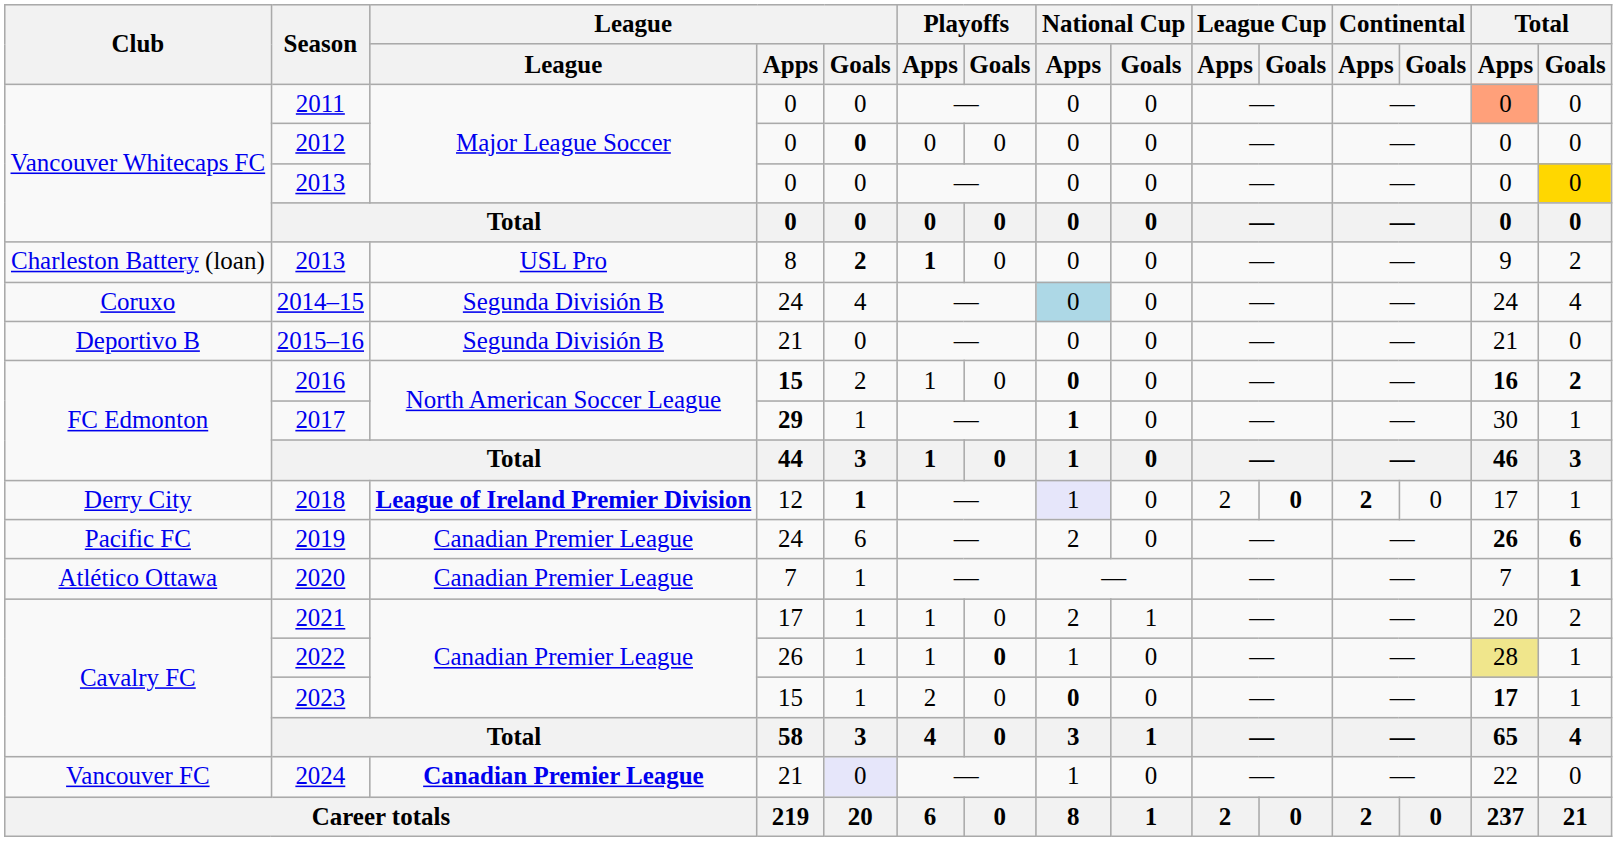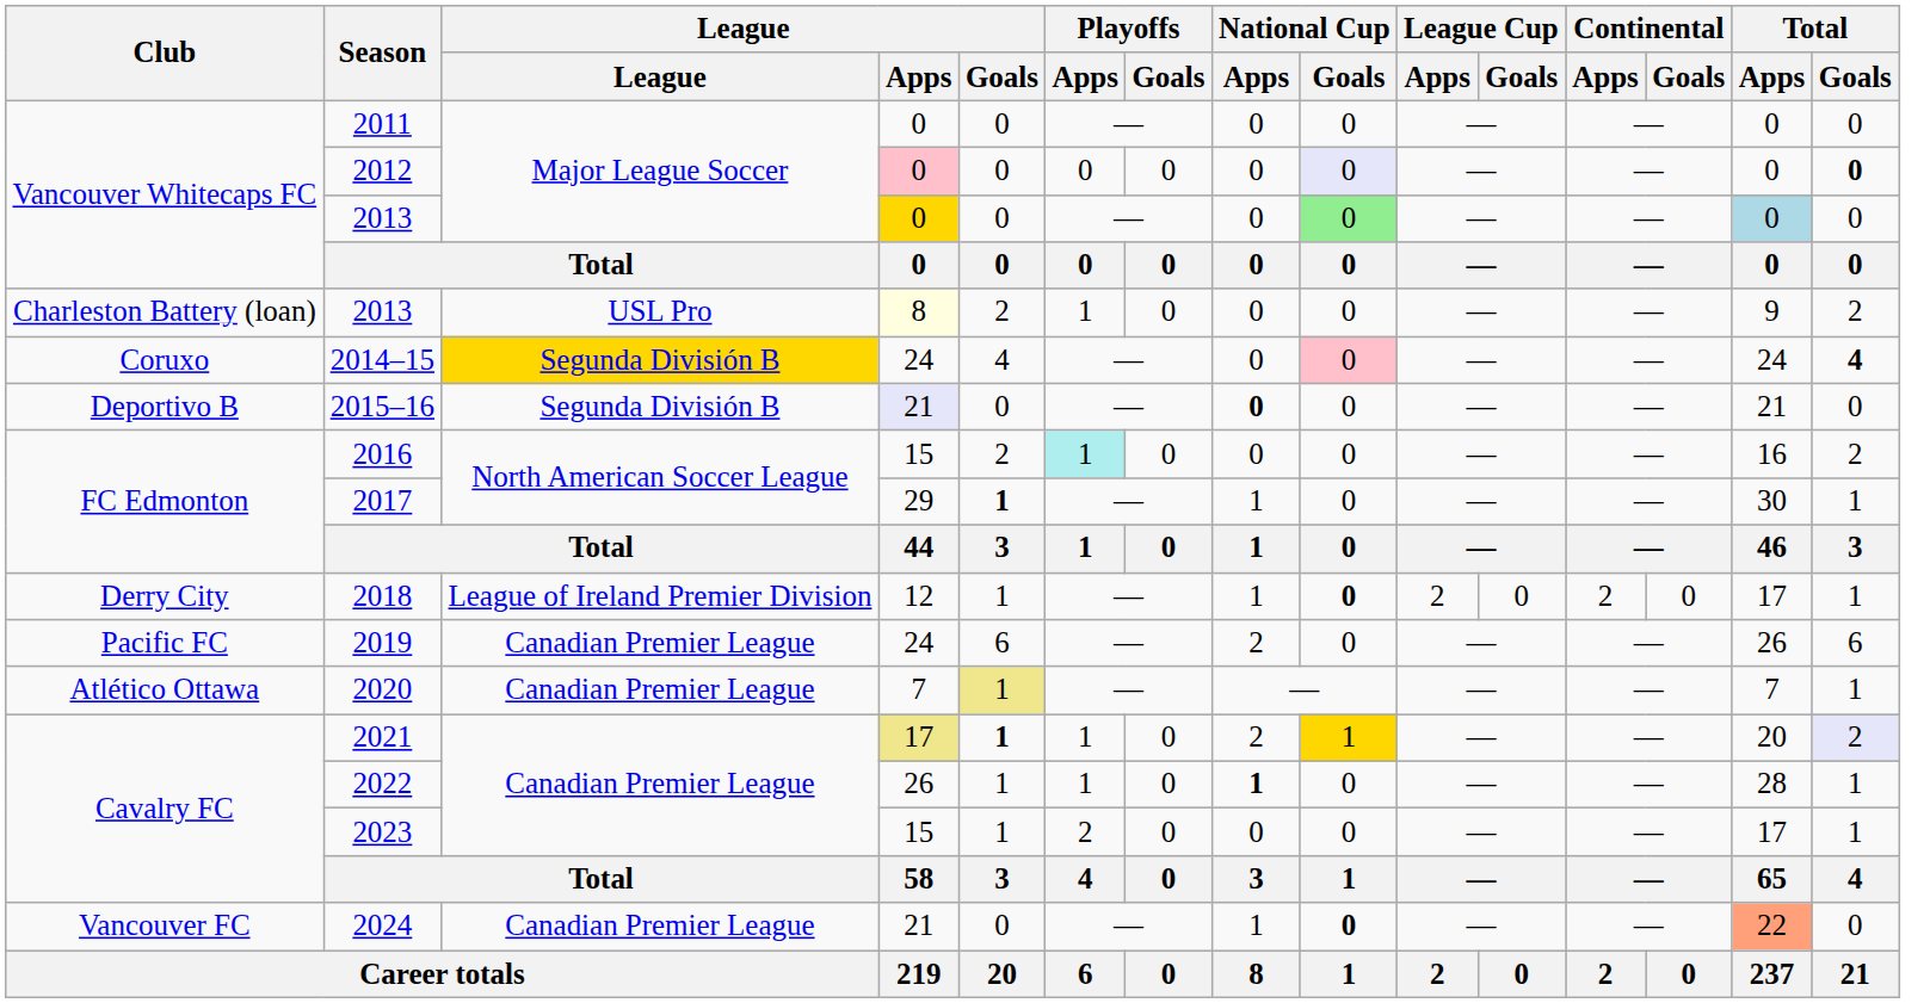 <table class="wikitable" Style="text-align: center">
 <tr>
 <th rowspan="2">Club</th>
 <th rowspan="2">Season</th>
 <th colspan="3">League</th>
 <th colspan="2">Playoffs</th>
 <th colspan="2">National Cup</th>
 <th colspan="2">League Cup</th>
 <th colspan="2">Continental</th>
 <th colspan="2">Total</th>
 </tr>
 <tr>
 <th>League</th>
 <th>Apps</th>
 <th>Goals</th>
 <th>Apps</th>
 <th>Goals</th>
 <th>Apps</th>
 <th>Goals</th>
 <th>Apps</th>
 <th>Goals</th>
 <th>Apps</th>
 <th>Goals</th>
 <th>Apps</th>
 <th>Goals</th>
 </tr>
 <tr>
 <td rowspan="4"><a href='#'>Vancouver Whitecaps FC</a></td>
 <td><a href='#'>2011</a></td>
 <td rowspan=3><a href='#'>Major League Soccer</a></td>
 <td>0</td>
 <td>0</td>
 <td colspan="2">—</td>
 <td>0</td>
 <td>0</td>
 <td colspan="2">—</td>
 <td colspan="2">—</td>
-<td style="background: lightsalmon;">0</td>
+<td>0</td>
 <td>0</td>
 </tr>
 <tr>
 <td><a href='#'>2012</a></td>
-<td>0</td>
-<td><strong>0</strong></td>
+<td style="background: pink;">0</td>
 <td>0</td>
 <td>0</td>
 <td>0</td>
 <td>0</td>
+<td style="background: lavender;">0</td>
 <td colspan="2">—</td>
 <td colspan="2">—</td>
 <td>0</td>
-<td>0</td>
+<td><strong>0</strong></td>
 </tr>
 <tr>
 <td><a href='#'>2013</a></td>
-<td>0</td>
+<td style="background: gold;">0</td>
 <td>0</td>
 <td colspan="2">—</td>
 <td>0</td>
-<td>0</td>
+<td style="background: lightgreen;">0</td>
 <td colspan="2">—</td>
 <td colspan="2">—</td>
+<td style="background: lightblue;">0</td>
 <td>0</td>
-<td style="background: gold;">0</td>
 </tr>
 <tr>
 <th colspan="2">Total</th>
 <th>0</th>
 <th>0</th>
 <th>0</th>
 <th>0</th>
 <th>0</th>
 <th>0</th>
 <th colspan="2">—</th>
 <th colspan="2">—</th>
 <th>0</th>
 <th>0</th>
 </tr>
 <tr>
 <td><a href='#'>Charleston Battery</a> (loan)</td>
 <td><a href='#'>2013</a></td>
 <td><a href='#'>USL Pro</a></td>
-<td>8</td>
-<td><strong>2</strong></td>
-<td><strong>1</strong></td>
+<td style="background: lightyellow;">8</td>
+<td>2</td>
+<td>1</td>
 <td>0</td>
 <td>0</td>
 <td>0</td>
 <td colspan="2">—</td>
 <td colspan="2">—</td>
 <td>9</td>
 <td>2</td>
 </tr>
 <tr>
 <td><a href='#'>Coruxo</a></td>
 <td><a href='#'>2014–15</a></td>
-<td><a href='#'>Segunda División B</a></td>
+<td style="background: gold;"><a href='#'>Segunda División B</a></td>
 <td>24</td>
 <td>4</td>
 <td colspan="2">—</td>
-<td style="background: lightblue;">0</td>
 <td>0</td>
+<td style="background: pink;">0</td>
 <td colspan="2">—</td>
 <td colspan="2">—</td>
 <td>24</td>
-<td>4</td>
+<td><strong>4</strong></td>
 </tr>
 <tr>
 <td><a href='#'>Deportivo B</a></td>
 <td><a href='#'>2015–16</a></td>
 <td><a href='#'>Segunda División B</a></td>
-<td>21</td>
+<td style="background: lavender;">21</td>
 <td>0</td>
 <td colspan="2">—</td>
-<td>0</td>
+<td><strong>0</strong></td>
 <td>0</td>
 <td colspan="2">—</td>
 <td colspan="2">—</td>
 <td>21</td>
 <td>0</td>
 </tr>
 <tr>
 <td rowspan="3"><a href='#'>FC Edmonton</a></td>
 <td><a href='#'>2016</a></td>
 <td rowspan=2><a href='#'>North American Soccer League</a></td>
-<td><strong>15</strong></td>
+<td>15</td>
 <td>2</td>
-<td>1</td>
+<td style="background: paleturquoise;">1</td>
 <td>0</td>
-<td><strong>0</strong></td>
+<td>0</td>
 <td>0</td>
 <td colspan="2">—</td>
 <td colspan="2">—</td>
-<td><strong>16</strong></td>
-<td><strong>2</strong></td>
+<td>16</td>
+<td>2</td>
 </tr>
 <tr>
 <td><a href='#'>2017</a></td>
-<td><strong>29</strong></td>
+<td>29</td>
+<td><strong>1</strong></td>
+<td colspan="2">—</td>
 <td>1</td>
-<td colspan="2">—</td>
-<td><strong>1</strong></td>
 <td>0</td>
 <td colspan="2">—</td>
 <td colspan="2">—</td>
 <td>30</td>
 <td>1</td>
 </tr>
 <tr>
 <th colspan="2">Total</th>
 <th>44</th>
 <th>3</th>
 <th>1</th>
 <th>0</th>
 <th>1</th>
 <th>0</th>
 <th colspan="2">—</th>
 <th colspan="2">—</th>
 <th>46</th>
 <th>3</th>
 </tr>
 <tr>
 <td><a href='#'>Derry City</a></td>
 <td><a href='#'>2018</a></td>
-<td><strong><a href='#'>League of Ireland Premier Division</a></strong></td>
+<td><a href='#'>League of Ireland Premier Division</a></td>
 <td>12</td>
-<td><strong>1</strong></td>
+<td>1</td>
 <td colspan="2">—</td>
-<td style="background: lavender;">1</td>
+<td>1</td>
+<td><strong>0</strong></td>
+<td>2</td>
 <td>0</td>
 <td>2</td>
-<td><strong>0</strong></td>
-<td><strong>2</strong></td>
 <td>0</td>
 <td>17</td>
 <td>1</td>
 </tr>
 <tr>
 <td><a href='#'>Pacific FC</a></td>
 <td><a href='#'>2019</a></td>
 <td><a href='#'>Canadian Premier League</a></td>
 <td>24</td>
 <td>6</td>
 <td colspan="2">—</td>
 <td>2</td>
 <td>0</td>
 <td colspan="2">—</td>
 <td colspan="2">—</td>
-<td><strong>26</strong></td>
-<td><strong>6</strong></td>
+<td>26</td>
+<td>6</td>
 </tr>
 <tr>
 <td><a href='#'>Atlético Ottawa</a></td>
 <td><a href='#'>2020</a></td>
 <td><a href='#'>Canadian Premier League</a></td>
 <td>7</td>
-<td>1</td>
+<td style="background: khaki;">1</td>
 <td colspan="2">—</td>
 <td colspan="2">—</td>
 <td colspan="2">—</td>
 <td colspan="2">—</td>
 <td>7</td>
-<td><strong>1</strong></td>
+<td>1</td>
 </tr>
 <tr>
 <td rowspan="4"><a href='#'>Cavalry FC</a></td>
 <td><a href='#'>2021</a></td>
 <td rowspan=3><a href='#'>Canadian Premier League</a></td>
-<td>17</td>
-<td>1</td>
+<td style="background: khaki;">17</td>
+<td><strong>1</strong></td>
 <td>1</td>
 <td>0</td>
 <td>2</td>
-<td>1</td>
+<td style="background: gold;">1</td>
 <td colspan="2">—</td>
 <td colspan="2">—</td>
 <td>20</td>
-<td>2</td>
+<td style="background: lavender;">2</td>
 </tr>
 <tr>
 <td><a href='#'>2022</a></td>
 <td>26</td>
 <td>1</td>
 <td>1</td>
-<td><strong>0</strong></td>
-<td>1</td>
+<td>0</td>
+<td><strong>1</strong></td>
 <td>0</td>
 <td colspan="2">—</td>
 <td colspan="2">—</td>
-<td style="background: khaki;">28</td>
+<td>28</td>
 <td>1</td>
 </tr>
 <tr>
 <td><a href='#'>2023</a></td>
 <td>15</td>
 <td>1</td>
 <td>2</td>
 <td>0</td>
-<td><strong>0</strong></td>
+<td>0</td>
 <td>0</td>
 <td colspan="2">—</td>
 <td colspan="2">—</td>
-<td><strong>17</strong></td>
+<td>17</td>
 <td>1</td>
 </tr>
 <tr>
 <th colspan="2">Total</th>
 <th>58</th>
 <th>3</th>
 <th>4</th>
 <th>0</th>
 <th>3</th>
 <th>1</th>
 <th colspan="2">—</th>
 <th colspan="2">—</th>
 <th>65</th>
 <th>4</th>
 </tr>
 <tr>
 <td><a href='#'>Vancouver FC</a></td>
 <td><a href='#'>2024</a></td>
-<td><strong><a href='#'>Canadian Premier League</a></strong></td>
+<td><a href='#'>Canadian Premier League</a></td>
 <td>21</td>
-<td style="background: lavender;">0</td>
+<td>0</td>
 <td colspan="2">—</td>
 <td>1</td>
-<td>0</td>
+<td><strong>0</strong></td>
 <td colspan="2">—</td>
 <td colspan="2">—</td>
-<td>22</td>
+<td style="background: lightsalmon;">22</td>
 <td>0</td>
 </tr>
 <tr>
 <th colspan="3">Career totals</th>
 <th>219</th>
 <th>20</th>
 <th>6</th>
 <th>0</th>
 <th>8</th>
 <th>1</th>
 <th>2</th>
 <th>0</th>
 <th>2</th>
 <th>0</th>
 <th>237</th>
 <th>21</th>
 </tr>
 </table>
